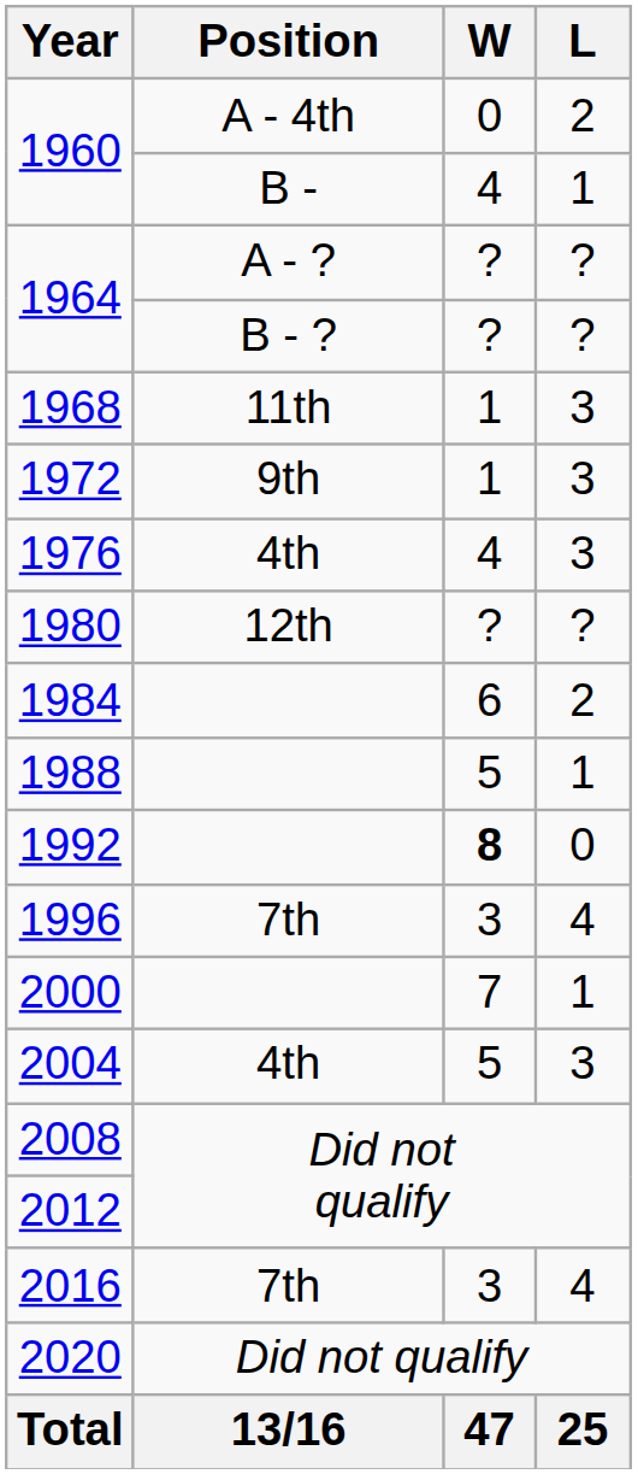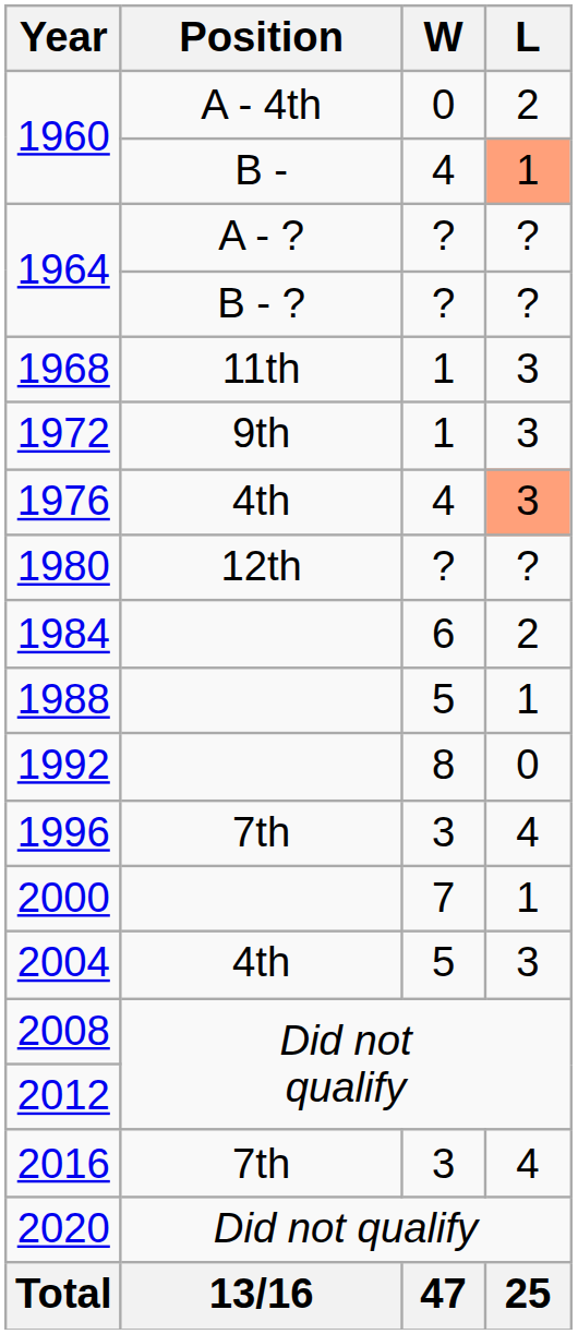 <table class="wikitable" style="text-align: center;">
 <tr>
 <th>Year</th>
 <th width="100">Position</th>
 <th width="25">W</th>
 <th width="25">L</th>
 </tr>
 <tr>
 <td rowspan=2> <a href='#'>1960</a></td>
 <td>A - 4th</td>
 <td>0</td>
 <td>2</td>
 </tr>
 <tr>
 <td>B - </td>
 <td>4</td>
-<td>1</td>
+<td style="background: lightsalmon;">1</td>
 </tr>
 <tr>
 <td rowspan=2> <a href='#'>1964</a></td>
 <td>A - ?</td>
 <td>?</td>
 <td>?</td>
 </tr>
 <tr>
 <td>B - ?</td>
 <td>?</td>
 <td>?</td>
 </tr>
 <tr>
 <td> <a href='#'>1968</a></td>
 <td>11th</td>
 <td>1</td>
 <td>3</td>
 </tr>
 <tr>
 <td> <a href='#'>1972</a></td>
 <td>9th</td>
 <td>1</td>
 <td>3</td>
 </tr>
 <tr>
 <td> <a href='#'>1976</a></td>
 <td>4th</td>
 <td>4</td>
-<td>3</td>
+<td style="background: lightsalmon;">3</td>
 </tr>
 <tr>
 <td> <a href='#'>1980</a></td>
 <td>12th</td>
 <td>?</td>
 <td>?</td>
 </tr>
 <tr>
 <td> <a href='#'>1984</a></td>
 <td></td>
 <td>6</td>
 <td>2</td>
 </tr>
 <tr>
 <td> <a href='#'>1988</a></td>
 <td></td>
 <td>5</td>
 <td>1</td>
 </tr>
 <tr>
 <td> <a href='#'>1992</a></td>
 <td></td>
-<td><strong>8</strong></td>
+<td>8</td>
 <td>0</td>
 </tr>
 <tr>
 <td> <a href='#'>1996</a></td>
 <td>7th</td>
 <td>3</td>
 <td>4</td>
 </tr>
 <tr>
 <td> <a href='#'>2000</a></td>
 <td></td>
 <td>7</td>
 <td>1</td>
 </tr>
 <tr>
 <td> <a href='#'>2004</a></td>
 <td>4th</td>
 <td>5</td>
 <td>3</td>
 </tr>
 <tr>
 <td> <a href='#'>2008</a></td>
 <td rowspan=2 colspan=3><em>Did not<br>qualify</em></td>
 </tr>
 <tr>
 <td> <a href='#'>2012</a></td>
 </tr>
 <tr>
 <td> <a href='#'>2016</a></td>
 <td>7th</td>
 <td>3</td>
 <td>4</td>
 </tr>
 <tr>
 <td> <a href='#'>2020</a></td>
 <td colspan=3><em>Did not qualify</em></td>
 </tr>
 <tr>
 <th>Total</th>
 <th>13/16</th>
 <th>47</th>
 <th>25</th>
 </tr>
 </table>
